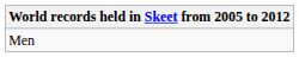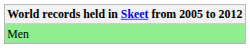 <table class="wikitable" style="font-size: 95%">
 <tr>
 <th colspan=7>World records held in <a href='#'>Skeet</a> from 2005 to 2012</th>
 </tr>
 <tr>
-<td>Men<br></td>
+<td style="background: lightgreen;">Men<br></td>
 </tr>
 </table>
